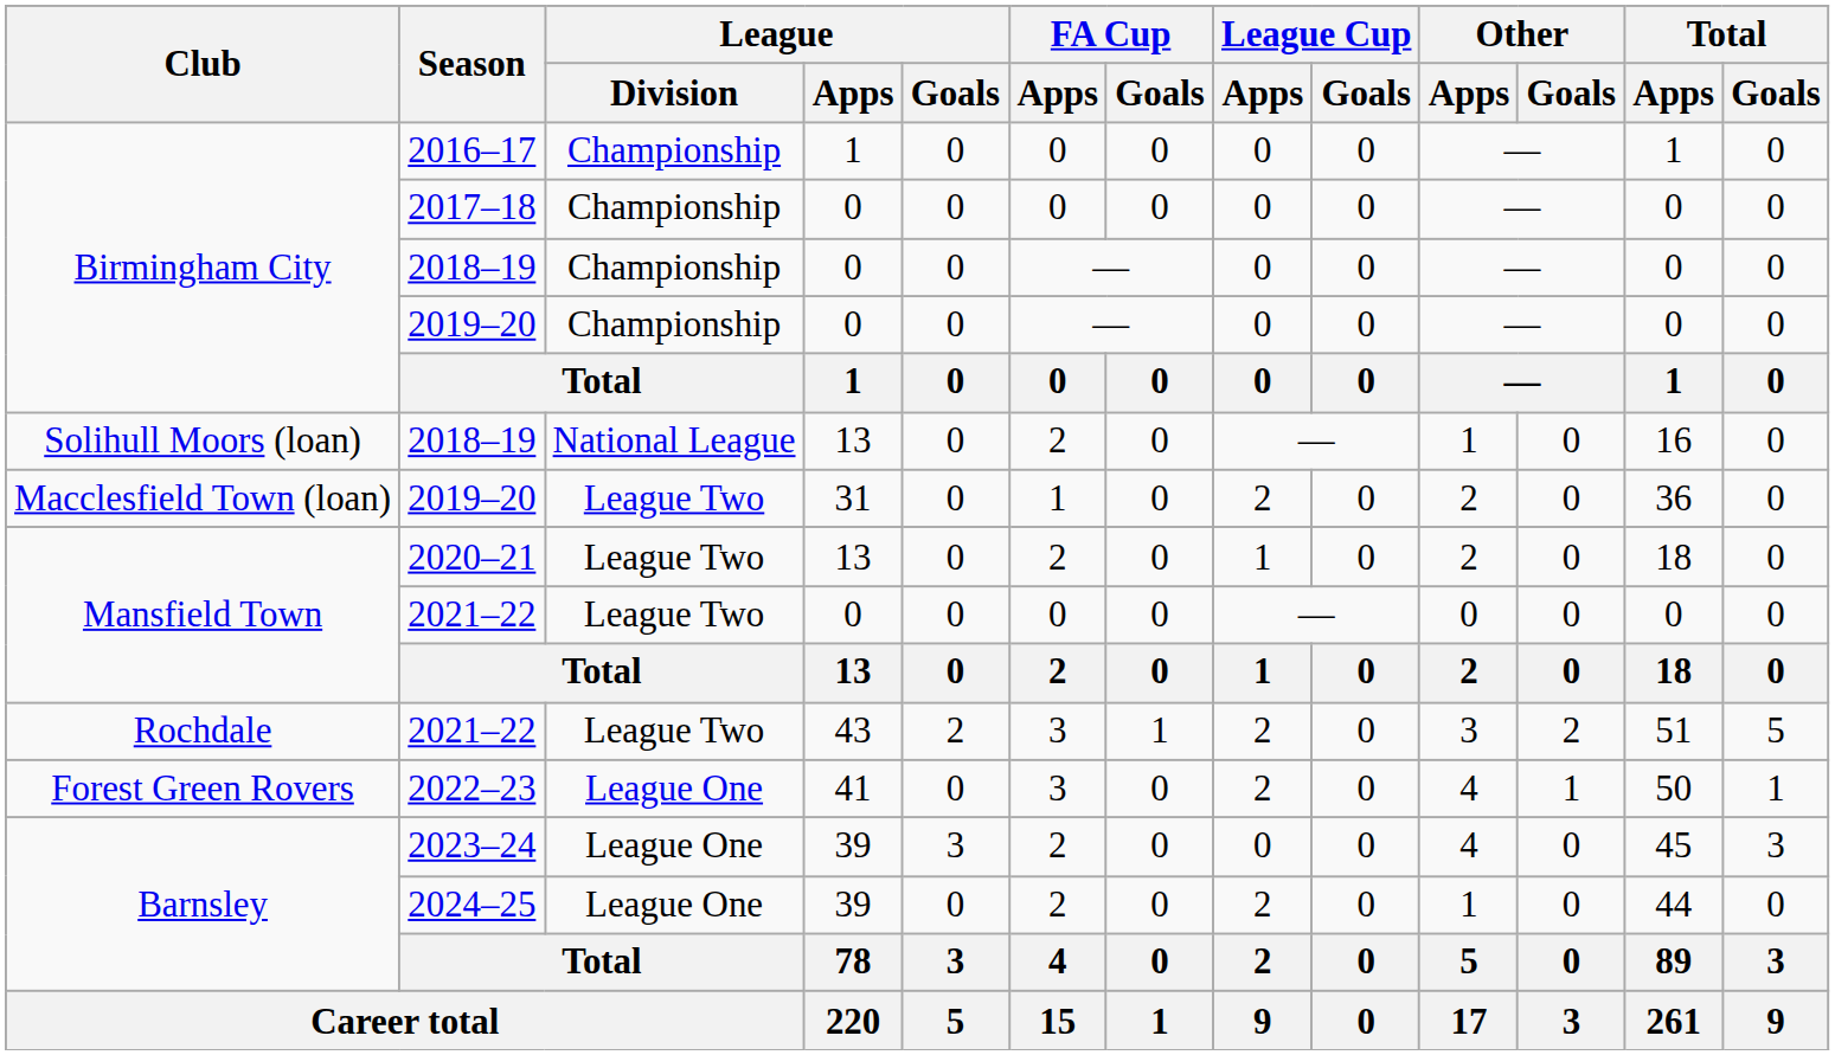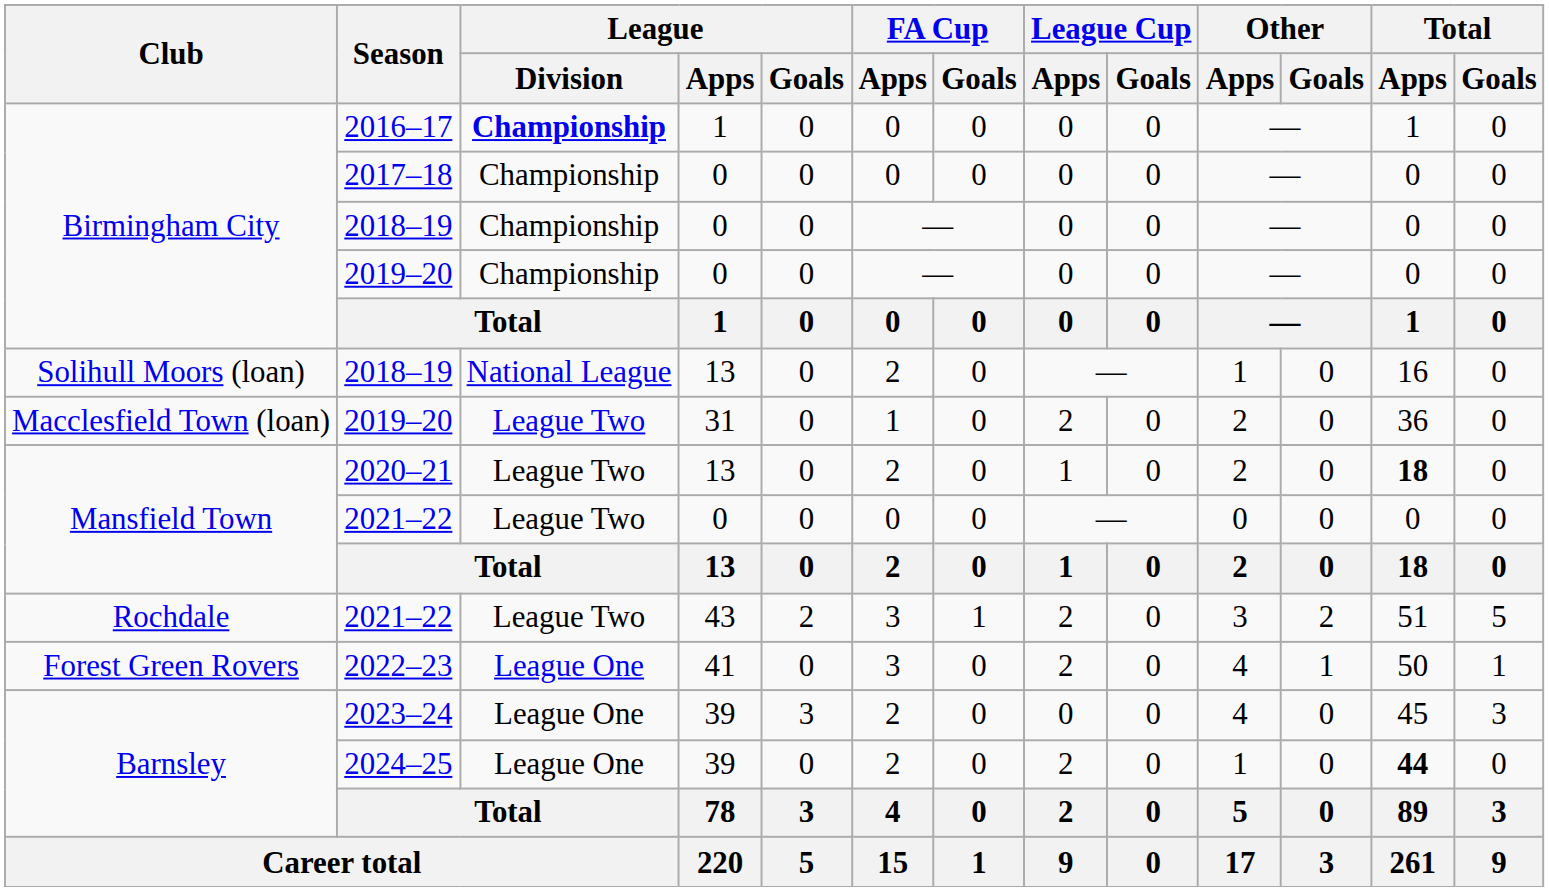 <table class="wikitable" style=text-align:center>
 <tr>
 <th rowspan=2>Club</th>
 <th rowspan=2>Season</th>
 <th colspan=3>League</th>
 <th colspan=2><a href='#'>FA Cup</a></th>
 <th colspan=2><a href='#'>League Cup</a></th>
 <th colspan=2>Other</th>
 <th colspan=2>Total</th>
 </tr>
 <tr>
 <th>Division</th>
 <th>Apps</th>
 <th>Goals</th>
 <th>Apps</th>
 <th>Goals</th>
 <th>Apps</th>
 <th>Goals</th>
 <th>Apps</th>
 <th>Goals</th>
 <th>Apps</th>
 <th>Goals</th>
 </tr>
 <tr>
 <td rowspan=5><a href='#'>Birmingham City</a></td>
 <td><a href='#'>2016–17</a></td>
-<td><a href='#'>Championship</a></td>
+<td><strong><a href='#'>Championship</a></strong></td>
 <td>1</td>
 <td>0</td>
 <td>0</td>
 <td>0</td>
 <td>0</td>
 <td>0</td>
 <td colspan=2>—</td>
 <td>1</td>
 <td>0</td>
 </tr>
 <tr>
 <td><a href='#'>2017–18</a></td>
 <td>Championship</td>
 <td>0</td>
 <td>0</td>
 <td>0</td>
 <td>0</td>
 <td>0</td>
 <td>0</td>
 <td colspan=2>—</td>
 <td>0</td>
 <td>0</td>
 </tr>
 <tr>
 <td><a href='#'>2018–19</a></td>
 <td>Championship</td>
 <td>0</td>
 <td>0</td>
 <td colspan=2>—</td>
 <td>0</td>
 <td>0</td>
 <td colspan=2>—</td>
 <td>0</td>
 <td>0</td>
 </tr>
 <tr>
 <td><a href='#'>2019–20</a></td>
 <td>Championship</td>
 <td>0</td>
 <td>0</td>
 <td colspan=2>—</td>
 <td>0</td>
 <td>0</td>
 <td colspan=2>—</td>
 <td>0</td>
 <td>0</td>
 </tr>
 <tr>
 <th colspan=2>Total</th>
 <th>1</th>
 <th>0</th>
 <th>0</th>
 <th>0</th>
 <th>0</th>
 <th>0</th>
 <th colspan=2>—</th>
 <th>1</th>
 <th>0</th>
 </tr>
 <tr>
 <td><a href='#'>Solihull Moors</a> (loan)</td>
 <td><a href='#'>2018–19</a></td>
 <td><a href='#'>National League</a></td>
 <td>13</td>
 <td>0</td>
 <td>2</td>
 <td>0</td>
 <td colspan=2>—</td>
 <td>1</td>
 <td>0</td>
 <td>16</td>
 <td>0</td>
 </tr>
 <tr>
 <td><a href='#'>Macclesfield Town</a> (loan)</td>
 <td><a href='#'>2019–20</a></td>
 <td><a href='#'>League Two</a></td>
 <td>31</td>
 <td>0</td>
 <td>1</td>
 <td>0</td>
 <td>2</td>
 <td>0</td>
 <td>2</td>
 <td>0</td>
 <td>36</td>
 <td>0</td>
 </tr>
 <tr>
 <td rowspan=3><a href='#'>Mansfield Town</a></td>
 <td><a href='#'>2020–21</a></td>
 <td>League Two</td>
 <td>13</td>
 <td>0</td>
 <td>2</td>
 <td>0</td>
 <td>1</td>
 <td>0</td>
 <td>2</td>
 <td>0</td>
-<td>18</td>
+<td><strong>18</strong></td>
 <td>0</td>
 </tr>
 <tr>
 <td><a href='#'>2021–22</a></td>
 <td>League Two</td>
 <td>0</td>
 <td>0</td>
 <td>0</td>
 <td>0</td>
 <td colspan=2>—</td>
 <td>0</td>
 <td>0</td>
 <td>0</td>
 <td>0</td>
 </tr>
 <tr>
 <th colspan=2>Total</th>
 <th>13</th>
 <th>0</th>
 <th>2</th>
 <th>0</th>
 <th>1</th>
 <th>0</th>
 <th>2</th>
 <th>0</th>
 <th>18</th>
 <th>0</th>
 </tr>
 <tr>
 <td><a href='#'>Rochdale</a></td>
 <td><a href='#'>2021–22</a></td>
 <td>League Two</td>
 <td>43</td>
 <td>2</td>
 <td>3</td>
 <td>1</td>
 <td>2</td>
 <td>0</td>
 <td>3</td>
 <td>2</td>
 <td>51</td>
 <td>5</td>
 </tr>
 <tr>
 <td><a href='#'>Forest Green Rovers</a></td>
 <td><a href='#'>2022–23</a></td>
 <td><a href='#'>League One</a></td>
 <td>41</td>
 <td>0</td>
 <td>3</td>
 <td>0</td>
 <td>2</td>
 <td>0</td>
 <td>4</td>
 <td>1</td>
 <td>50</td>
 <td>1</td>
 </tr>
 <tr>
 <td rowspan="3"><a href='#'>Barnsley</a></td>
 <td><a href='#'>2023–24</a></td>
 <td>League One</td>
 <td>39</td>
 <td>3</td>
 <td>2</td>
 <td>0</td>
 <td>0</td>
 <td>0</td>
 <td>4</td>
 <td>0</td>
 <td>45</td>
 <td>3</td>
 </tr>
 <tr>
 <td><a href='#'>2024–25</a></td>
 <td>League One</td>
 <td>39</td>
 <td>0</td>
 <td>2</td>
 <td>0</td>
 <td>2</td>
 <td>0</td>
 <td>1</td>
 <td>0</td>
-<td>44</td>
+<td><strong>44</strong></td>
 <td>0</td>
 </tr>
 <tr>
 <th colspan="2">Total</th>
 <th>78</th>
 <th>3</th>
 <th>4</th>
 <th>0</th>
 <th>2</th>
 <th>0</th>
 <th>5</th>
 <th>0</th>
 <th>89</th>
 <th>3</th>
 </tr>
 <tr>
 <th colspan=3>Career total</th>
 <th>220</th>
 <th>5</th>
 <th>15</th>
 <th>1</th>
 <th>9</th>
 <th>0</th>
 <th>17</th>
 <th>3</th>
 <th>261</th>
 <th>9</th>
 </tr>
 </table>
